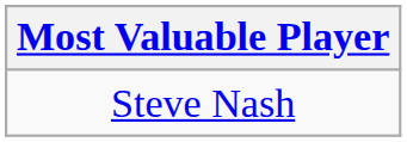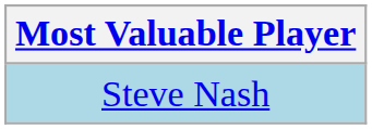 <table class=wikitable style="text-align:center; margin:auto">
 <tr>
 <th><a href='#'>Most Valuable Player</a></th>
 </tr>
 <tr>
-<td> <a href='#'>Steve Nash</a></td>
+<td style="background: lightblue;"> <a href='#'>Steve Nash</a></td>
 </tr>
 </table>
